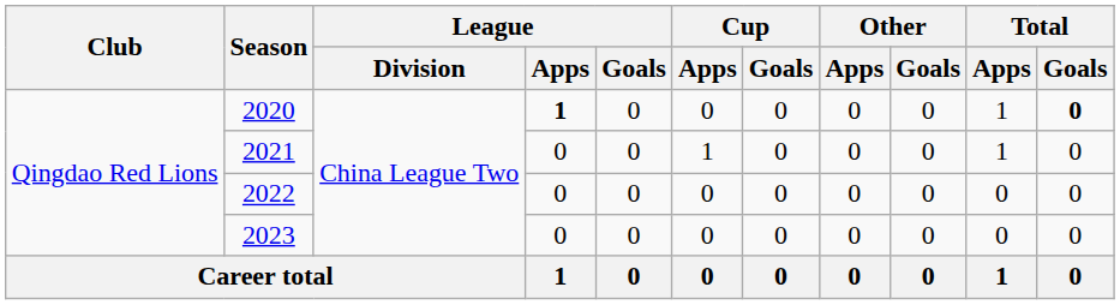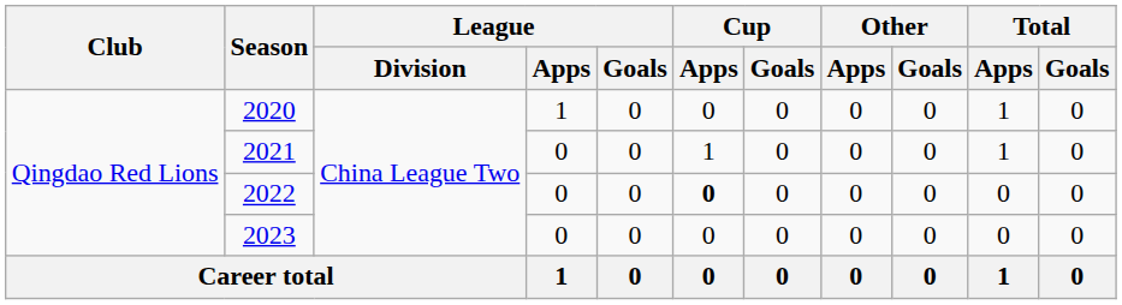 <table class=wikitable style=text-align:center>
 <tr>
 <th rowspan="2">Club</th>
 <th rowspan="2">Season</th>
 <th colspan="3">League</th>
 <th colspan="2">Cup</th>
 <th colspan="2">Other</th>
 <th colspan="2">Total</th>
 </tr>
 <tr>
 <th>Division</th>
 <th>Apps</th>
 <th>Goals</th>
 <th>Apps</th>
 <th>Goals</th>
 <th>Apps</th>
 <th>Goals</th>
 <th>Apps</th>
 <th>Goals</th>
 </tr>
 <tr>
 <td rowspan="4"><a href='#'>Qingdao Red Lions</a></td>
 <td><a href='#'>2020</a></td>
 <td rowspan="4"><a href='#'>China League Two</a></td>
-<td><strong>1</strong></td>
+<td>1</td>
 <td>0</td>
 <td>0</td>
 <td>0</td>
 <td>0</td>
 <td>0</td>
 <td>1</td>
-<td><strong>0</strong></td>
+<td>0</td>
 </tr>
 <tr>
 <td><a href='#'>2021</a></td>
 <td>0</td>
 <td>0</td>
 <td>1</td>
 <td>0</td>
 <td>0</td>
 <td>0</td>
 <td>1</td>
 <td>0</td>
 </tr>
 <tr>
 <td><a href='#'>2022</a></td>
 <td>0</td>
 <td>0</td>
-<td>0</td>
+<td><strong>0</strong></td>
 <td>0</td>
 <td>0</td>
 <td>0</td>
 <td>0</td>
 <td>0</td>
 </tr>
 <tr>
 <td><a href='#'>2023</a></td>
 <td>0</td>
 <td>0</td>
 <td>0</td>
 <td>0</td>
 <td>0</td>
 <td>0</td>
 <td>0</td>
 <td>0</td>
 </tr>
 <tr>
 <th colspan=3>Career total</th>
 <th>1</th>
 <th>0</th>
 <th>0</th>
 <th>0</th>
 <th>0</th>
 <th>0</th>
 <th>1</th>
 <th>0</th>
 </tr>
 </table>
